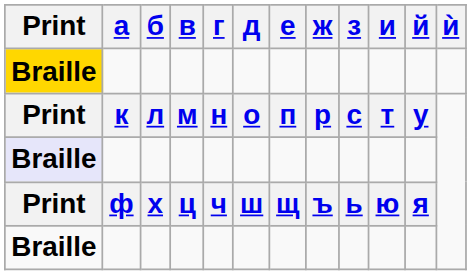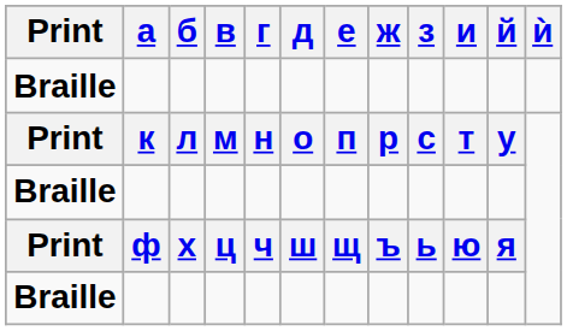 <table class="wikitable" style="text-align:center">
 <tr>
 <th><strong>Print</strong></th>
 <th><a href='#'>а</a></th>
 <th><a href='#'>б</a></th>
 <th><a href='#'>в</a></th>
 <th><a href='#'>г</a></th>
 <th><a href='#'>д</a></th>
 <th><a href='#'>е</a></th>
 <th><a href='#'>ж</a></th>
 <th><a href='#'>з</a></th>
 <th><a href='#'>и</a></th>
 <th><a href='#'>й</a></th>
 <th><a href='#'>ѝ</a></th>
 </tr>
 <tr>
-<td style="background: gold;"><strong>Braille</strong></td>
+<td><strong>Braille</strong></td>
 <td></td>
 <td></td>
 <td></td>
 <td></td>
 <td></td>
 <td></td>
 <td></td>
 <td></td>
 <td></td>
 <td></td>
 <td></td>
 </tr>
 <tr>
 <th><strong>Print</strong></th>
 <th><a href='#'>к</a></th>
 <th><a href='#'>л</a></th>
 <th><a href='#'>м</a></th>
 <th><a href='#'>н</a></th>
 <th><a href='#'>о</a></th>
 <th><a href='#'>п</a></th>
 <th><a href='#'>р</a></th>
 <th><a href='#'>с</a></th>
 <th><a href='#'>т</a></th>
 <th><a href='#'>у</a></th>
 </tr>
 <tr>
-<td style="background: lavender;"><strong>Braille</strong></td>
+<td><strong>Braille</strong></td>
 <td></td>
 <td></td>
 <td></td>
 <td></td>
 <td></td>
 <td></td>
 <td></td>
 <td></td>
 <td></td>
 <td></td>
 </tr>
 <tr>
 <th><strong>Print</strong></th>
 <th><a href='#'>ф</a></th>
 <th><a href='#'>х</a></th>
 <th><a href='#'>ц</a></th>
 <th><a href='#'>ч</a></th>
 <th><a href='#'>ш</a></th>
 <th><a href='#'>щ</a></th>
 <th><a href='#'>ъ</a></th>
 <th><a href='#'>ь</a></th>
 <th><a href='#'>ю</a></th>
 <th><a href='#'>я</a></th>
 </tr>
 <tr>
 <td><strong>Braille</strong></td>
 <td></td>
 <td></td>
 <td></td>
 <td></td>
 <td></td>
 <td></td>
 <td></td>
 <td></td>
 <td></td>
 <td></td>
 </tr>
 </table>
